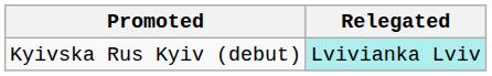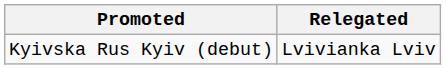 <table class="wikitable">
 <tr>
 <th>Promoted</th>
 <th>Relegated</th>
 </tr>
 <tr>
 <td>Kyivska Rus Kyiv (debut)</td>
-<td style="background: paleturquoise;">Lvivianka Lviv </td>
+<td>Lvivianka Lviv </td>
 </tr>
 </table>
